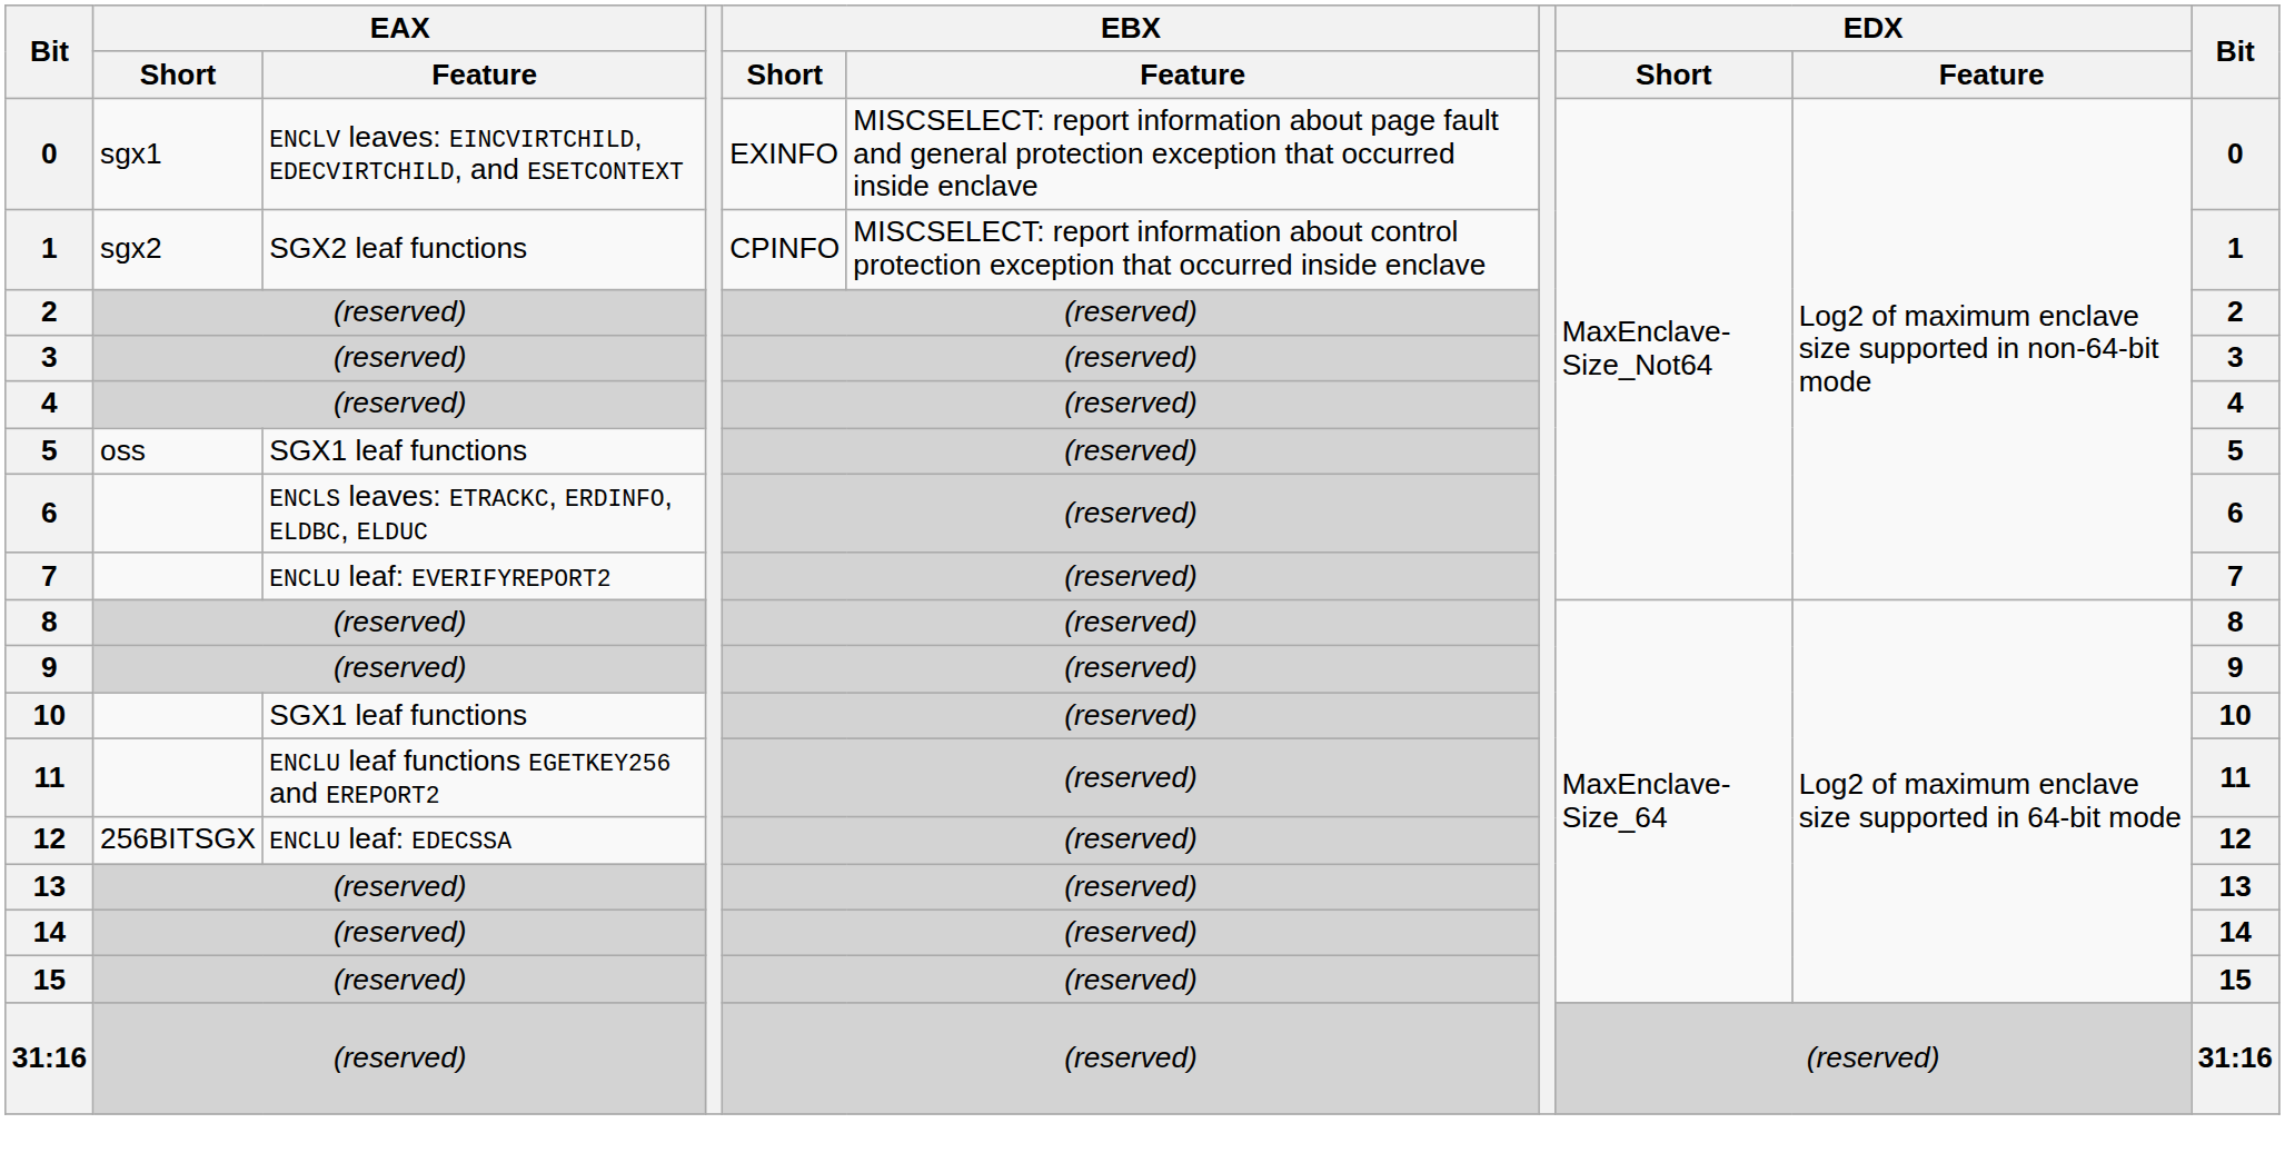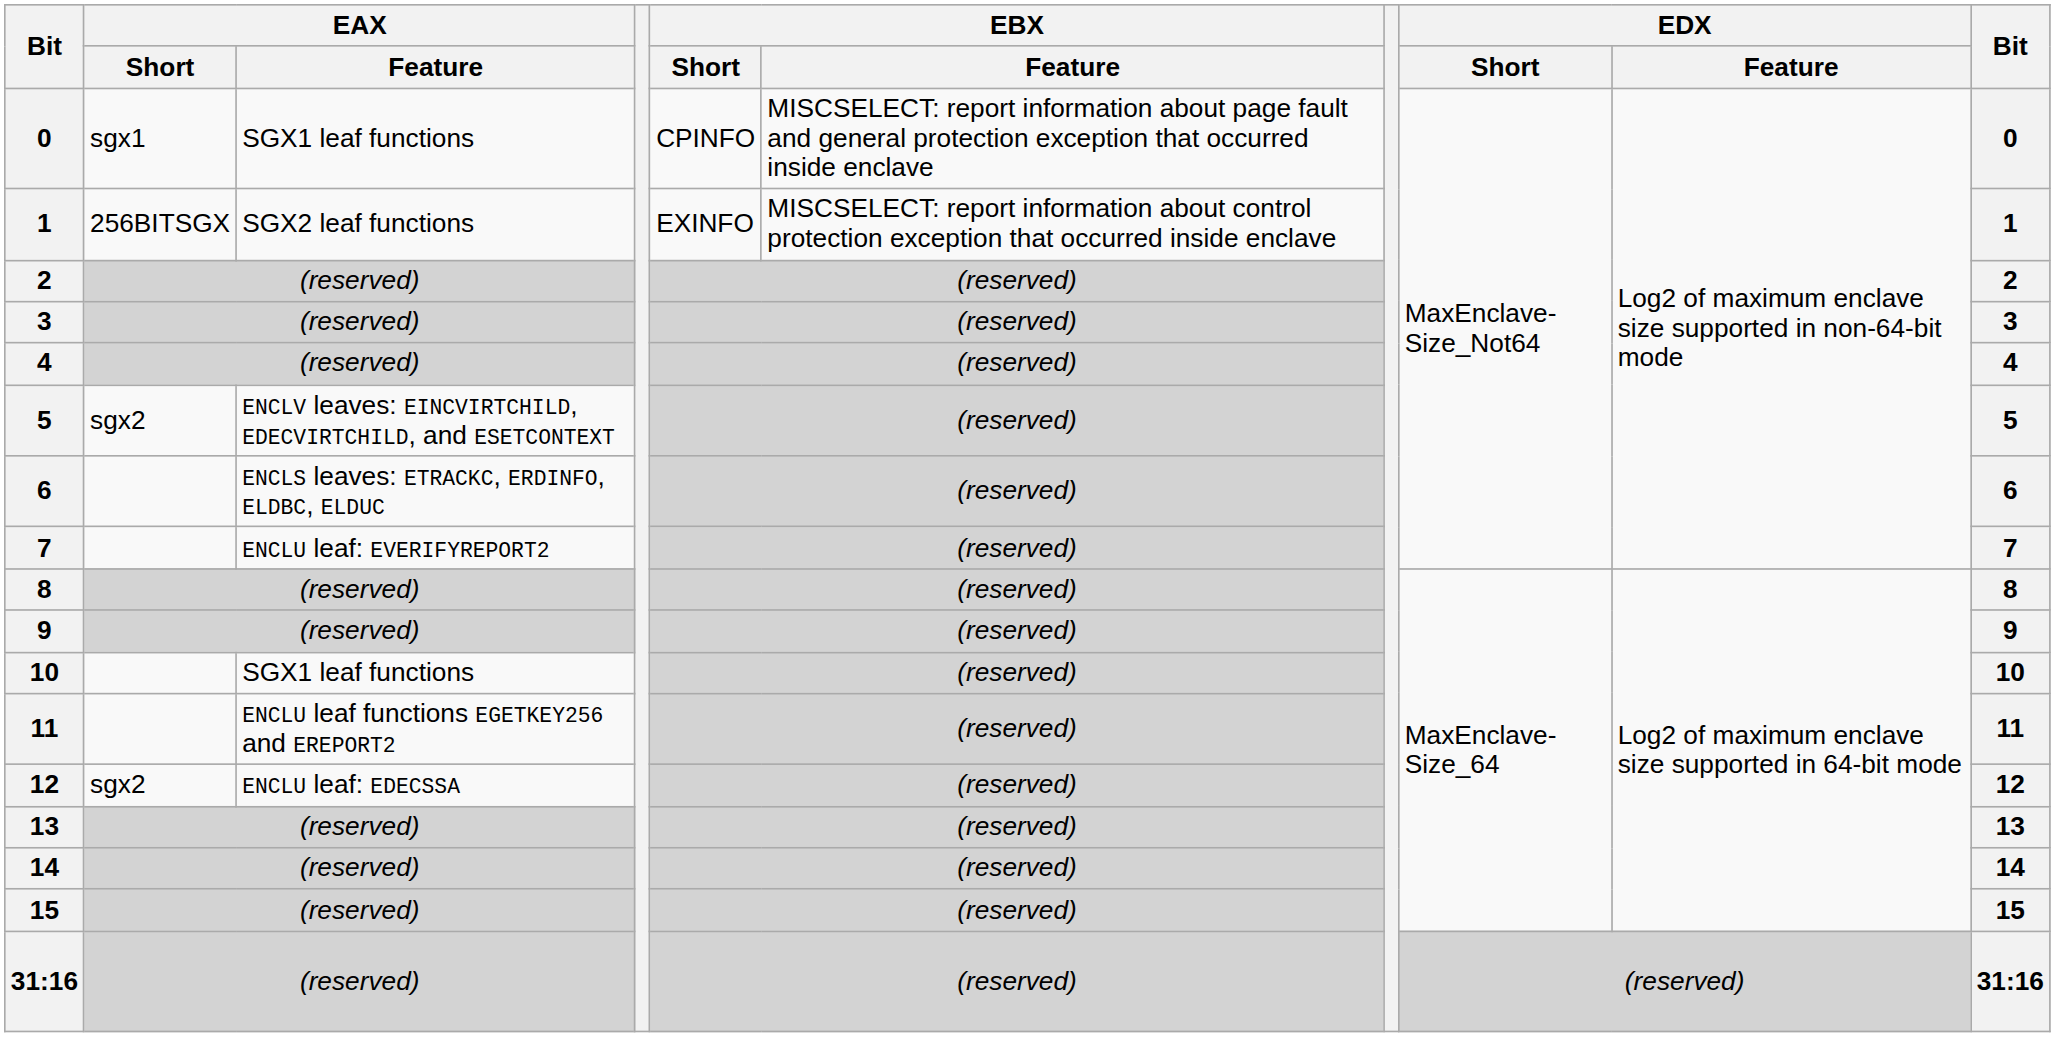 <table class="wikitable">
 <tr>
 <th rowspan=2>Bit</th>
 <th colspan=2>EAX</th>
 <th scope="col" style="width: 0.5em; border-spacing:0; padding:0px" rowspan="19"></th>
 <th colspan=2>EBX</th>
 <th scope="col" style="width: 0.5em; border-spacing:0; padding:0px" rowspan="19"></th>
 <th colspan=2>EDX</th>
 <th rowspan=2>Bit</th>
 </tr>
 <tr>
 <th>Short</th>
 <th>Feature</th>
 <th>Short</th>
 <th>Feature</th>
 <th>Short</th>
 <th>Feature</th>
 </tr>
 <tr>
 <th>0</th>
 <td>sgx1</td>
-<td><code>ENCLV</code> leaves: <code>EINCVIRTCHILD</code>, <code>EDECVIRTCHILD</code>, and <code>ESETCONTEXT</code></td>
-<td>EXINFO</td>
+<td>SGX1 leaf functions</td>
+<td>CPINFO</td>
 <td>MISCSELECT: report information about page fault and general protection exception that occurred inside enclave</td>
 <td rowspan=8>MaxEnclave­Size_Not64</td>
 <td rowspan=8>Log2 of maximum enclave size supported in non-64-bit mode</td>
 <th>0</th>
 </tr>
 <tr>
 <th>1</th>
-<td>sgx2</td>
+<td>256BITSGX</td>
 <td>SGX2 leaf functions</td>
-<td>CPINFO</td>
+<td>EXINFO</td>
 <td>MISCSELECT: report information about control protection exception that occurred inside enclave</td>
 <th>1</th>
 </tr>
 <tr>
 <th>2</th>
 <td colspan="2" style="text-align:center; background:lightgrey;"><em>(reserved)</em></td>
 <td colspan="2" style="text-align:center; background:lightgrey;"><em>(reserved)</em></td>
 <th>2</th>
 </tr>
 <tr>
 <th>3</th>
 <td colspan="2" style="text-align:center; background:lightgrey;"><em>(reserved)</em></td>
 <td colspan="2" style="text-align:center; background:lightgrey;"><em>(reserved)</em></td>
 <th>3</th>
 </tr>
 <tr>
 <th>4</th>
 <td colspan="2" style="text-align:center; background:lightgrey;"><em>(reserved)</em></td>
 <td colspan="2" style="text-align:center; background:lightgrey;"><em>(reserved)</em></td>
 <th>4</th>
 </tr>
 <tr>
 <th>5</th>
-<td>oss</td>
-<td>SGX1 leaf functions</td>
+<td>sgx2</td>
+<td><code>ENCLV</code> leaves: <code>EINCVIRTCHILD</code>, <code>EDECVIRTCHILD</code>, and <code>ESETCONTEXT</code></td>
 <td colspan="2" style="text-align:center; background:lightgrey;"><em>(reserved)</em></td>
 <th>5</th>
 </tr>
 <tr>
 <th>6</th>
 <td></td>
 <td><code>ENCLS</code> leaves: <code>ETRACKC</code>, <code>ERDINFO</code>, <code>ELDBC</code>, <code>ELDUC</code></td>
 <td colspan="2" style="text-align:center; background:lightgrey;"><em>(reserved)</em></td>
 <th>6</th>
 </tr>
 <tr>
 <th>7</th>
 <td></td>
 <td><code>ENCLU</code> leaf: <code>EVERIFYREPORT2</code></td>
 <td colspan="2" style="text-align:center; background:lightgrey;"><em>(reserved)</em></td>
 <th>7</th>
 </tr>
 <tr>
 <th>8</th>
 <td colspan="2" style="text-align:center; background:lightgrey;"><em>(reserved)</em></td>
 <td colspan="2" style="text-align:center; background:lightgrey;"><em>(reserved)</em></td>
 <td rowspan=8>MaxEnclave­Size_64</td>
 <td rowspan=8>Log2 of maximum enclave size supported in 64-bit mode</td>
 <th>8</th>
 </tr>
 <tr>
 <th>9</th>
 <td colspan="2" style="text-align:center; background:lightgrey;"><em>(reserved)</em></td>
 <td colspan="2" style="text-align:center; background:lightgrey;"><em>(reserved)</em></td>
 <th>9</th>
 </tr>
 <tr>
 <th>10</th>
 <td></td>
 <td>SGX1 leaf functions</td>
 <td colspan="2" style="text-align:center; background:lightgrey;"><em>(reserved)</em></td>
 <th>10</th>
 </tr>
 <tr>
 <th>11</th>
 <td></td>
 <td><code>ENCLU</code> leaf functions <code>EGETKEY256</code> and <code>EREPORT2</code></td>
 <td colspan="2" style="text-align:center; background:lightgrey;"><em>(reserved)</em></td>
 <th>11</th>
 </tr>
 <tr>
 <th>12</th>
-<td>256BITSGX</td>
+<td>sgx2</td>
 <td><code>ENCLU</code> leaf: <code>EDECSSA</code></td>
 <td colspan="2" style="text-align:center; background:lightgrey;"><em>(reserved)</em></td>
 <th>12</th>
 </tr>
 <tr>
 <th>13</th>
 <td colspan="2" style="text-align:center; background:lightgrey;"><em>(reserved)</em></td>
 <td colspan="2" style="text-align:center; background:lightgrey;"><em>(reserved)</em></td>
 <th>13</th>
 </tr>
 <tr>
 <th>14</th>
 <td colspan="2" style="text-align:center; background:lightgrey;"><em>(reserved)</em></td>
 <td colspan="2" style="text-align:center; background:lightgrey;"><em>(reserved)</em></td>
 <th>14</th>
 </tr>
 <tr>
 <th>15</th>
 <td colspan="2" style="text-align:center; background:lightgrey;"><em>(reserved)</em></td>
 <td colspan="2" style="text-align:center; background:lightgrey;"><em>(reserved)</em></td>
 <th>15</th>
 </tr>
 <tr>
 <th><br>31:16<br> </th>
 <td colspan="2" style="text-align:center; background:lightgrey;"><em>(reserved)</em></td>
 <td colspan="2" style="text-align:center; background:lightgrey;"><em>(reserved)</em></td>
 <td colspan="2" style="text-align:center; background:lightgrey;"><em>(reserved)</em></td>
 <th><br>31:16<br> </th>
 </tr>
 </table>
